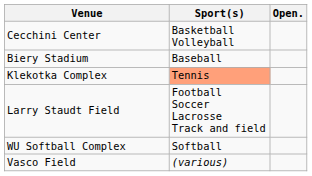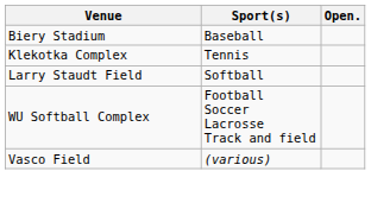 <table class="wikitable"; style= "text-align: ">
 <tr>
 <th width=200px>Venue</th>
 <th width=120px>Sport(s)</th>
 <th width=px>Open.</th>
-</tr>
-<tr>
-<td>Cecchini Center</td>
-<td>Basketball <br> Volleyball</td>
-<td></td>
 </tr>
 <tr>
 <td>Biery Stadium</td>
 <td>Baseball</td>
 <td></td>
 </tr>
 <tr>
 <td>Klekotka Complex</td>
-<td style="background: lightsalmon;">Tennis</td>
+<td>Tennis</td>
 <td></td>
 </tr>
 <tr>
 <td>Larry Staudt Field</td>
-<td>Football  <br> Soccer <br> Lacrosse <br> Track and field</td>
+<td>Softball</td>
 <td></td>
 </tr>
 <tr>
 <td>WU Softball Complex</td>
-<td>Softball</td>
+<td>Football  <br> Soccer <br> Lacrosse <br> Track and field</td>
 <td></td>
 </tr>
 <tr>
 <td>Vasco Field</td>
 <td><em>(various)</em></td>
 <td></td>
 </tr>
 </table>
